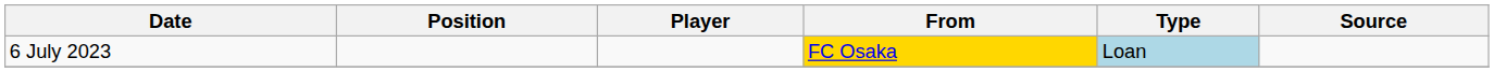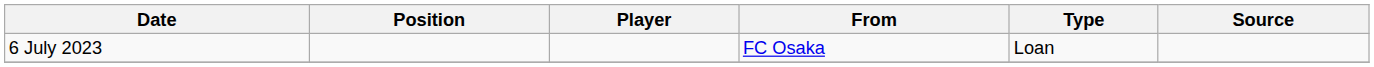 <table class="wikitable sortable" style="width:90%; text-align:center; font-size:95%; text-align:left;">
 <tr>
 <th>Date</th>
 <th>Position</th>
 <th>Player</th>
 <th>From</th>
 <th>Type</th>
 <th>Source</th>
 </tr>
 <tr>
 <td>6 July 2023</td>
 <td></td>
 <td></td>
-<td style="background: gold;"> <a href='#'>FC Osaka</a></td>
-<td style="background: lightblue;">Loan</td>
+<td> <a href='#'>FC Osaka</a></td>
+<td>Loan</td>
 <td></td>
 </tr>
 <tr>
 </tr>
 </table>
